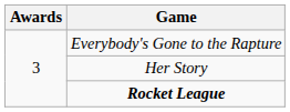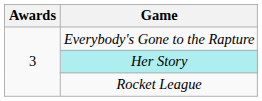 <table class="wikitable" style="text-align:center;">
 <tr>
 <th width="55">Awards</th>
 <th align="center">Game</th>
 </tr>
 <tr>
 <td rowspan=3 style="text-align:center">3</td>
 <td><em>Everybody's Gone to the Rapture</em></td>
 </tr>
 <tr>
-<td><em>Her Story</em></td>
+<td style="background: paleturquoise;"><em>Her Story</em></td>
 </tr>
 <tr>
-<td><strong><em>Rocket League</em></strong></td>
+<td><em>Rocket League</em></td>
 </tr>
 </table>
